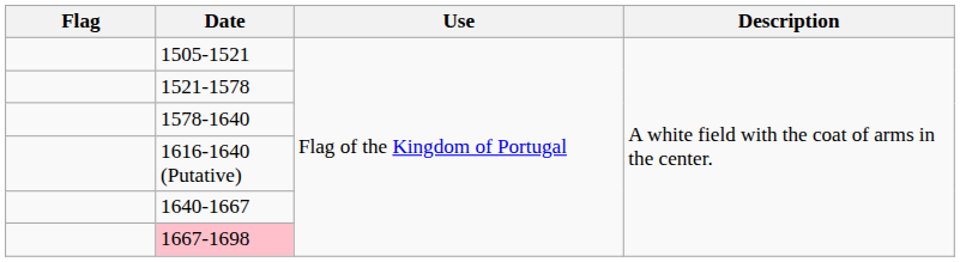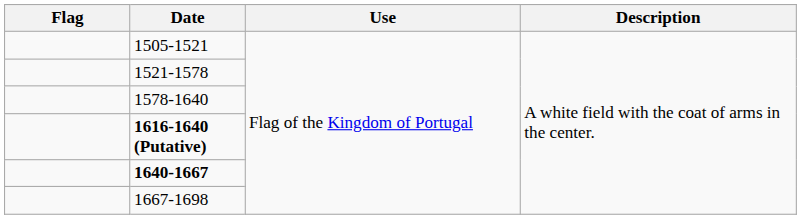 <table class="wikitable">
 <tr>
 <th style="width:110px;">Flag</th>
 <th style="width:100px;">Date</th>
 <th style="width:250px;">Use</th>
 <th style="width:250px;">Description</th>
 </tr>
 <tr>
 <td></td>
 <td>1505-1521</td>
 <td rowspan="6">Flag of the <a href='#'>Kingdom of Portugal</a></td>
 <td rowspan="6">A white field with the coat of arms in the center.</td>
 </tr>
 <tr>
 <td></td>
 <td>1521-1578</td>
 </tr>
 <tr>
 <td></td>
 <td>1578-1640</td>
 </tr>
 <tr>
 <td></td>
-<td>1616-1640 (Putative)</td>
+<td><strong>1616-1640 (Putative)</strong></td>
 </tr>
 <tr>
 <td></td>
-<td>1640-1667</td>
+<td><strong>1640-1667</strong></td>
 </tr>
 <tr>
 <td></td>
-<td style="background: pink;">1667-1698</td>
+<td>1667-1698</td>
 </tr>
 </table>
